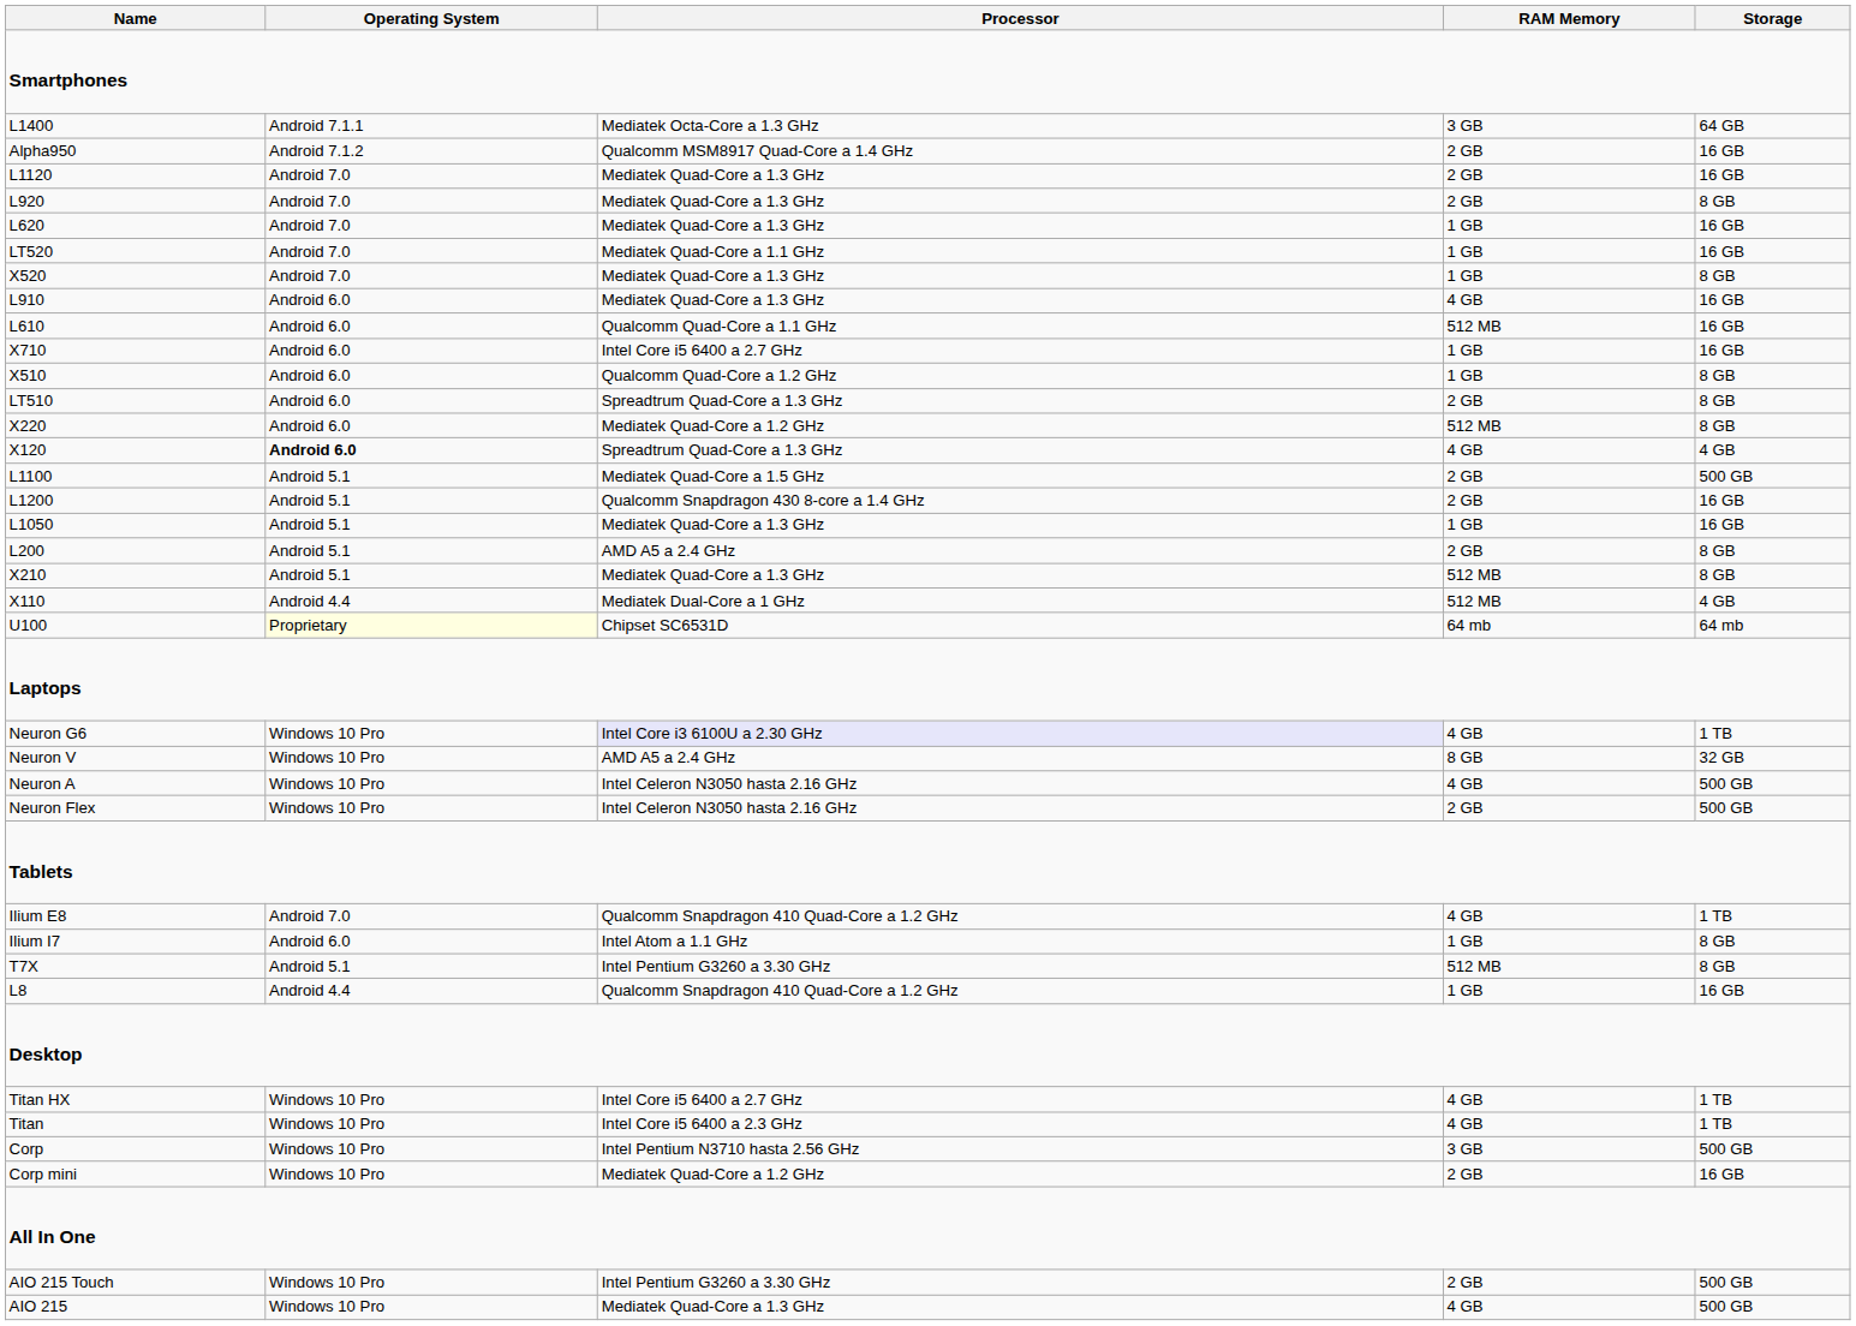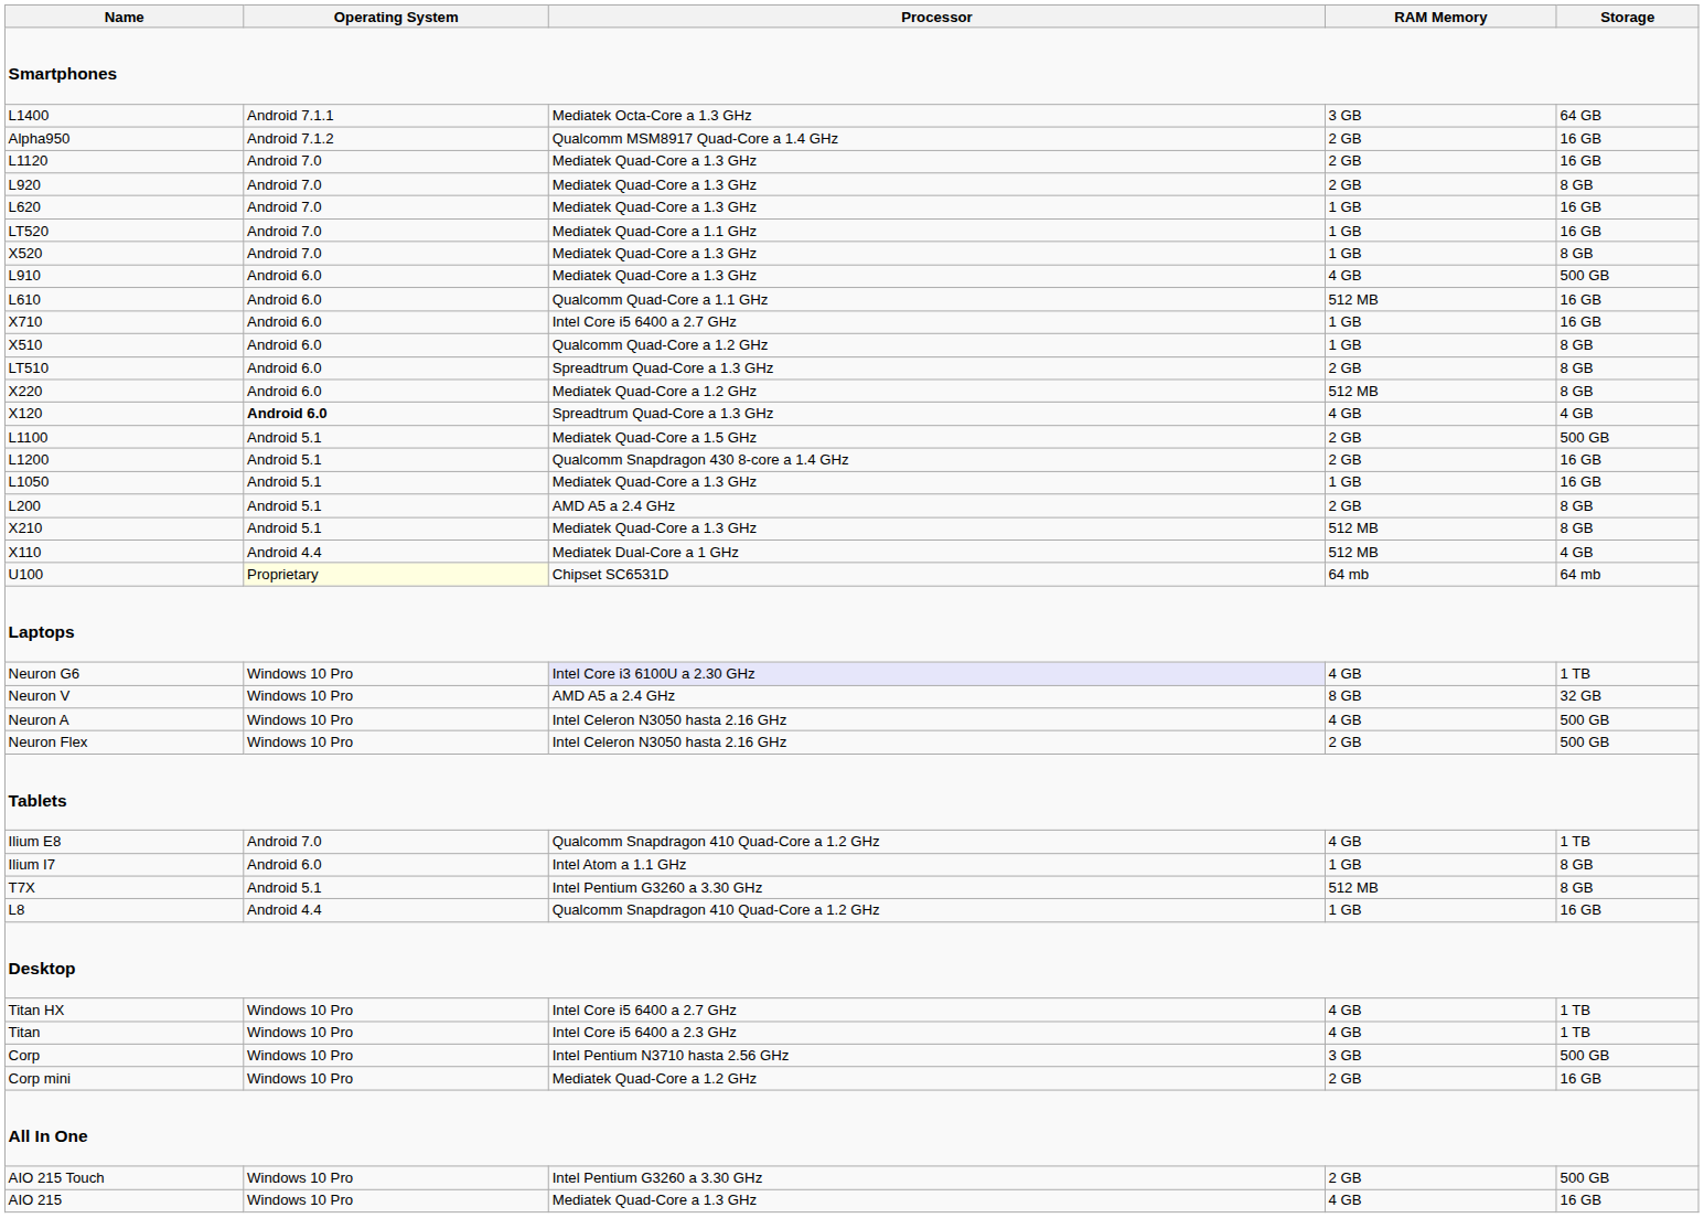 <table class="wikitable sortable" style="font-size: 85%;width:100%; margin:auto">
 <tr>
 <th>Name</th>
 <th>Operating System</th>
 <th>Processor</th>
 <th>RAM Memory</th>
 <th>Storage</th>
 </tr>
 <tr>
 <td colspan="5"><br><h3>Smartphones</h3></td>
 </tr>
 <tr>
 <td>L1400</td>
 <td>Android 7.1.1</td>
 <td>Mediatek Octa-Core a 1.3 GHz</td>
 <td>3 GB</td>
 <td>64 GB</td>
 </tr>
 <tr>
 <td>Alpha950</td>
 <td>Android 7.1.2</td>
 <td>Qualcomm MSM8917 Quad-Core a 1.4 GHz</td>
 <td>2 GB</td>
 <td>16 GB</td>
 </tr>
 <tr>
 <td>L1120</td>
 <td>Android 7.0</td>
 <td>Mediatek Quad-Core a 1.3 GHz</td>
 <td>2 GB</td>
 <td>16 GB</td>
 </tr>
 <tr>
 <td>L920</td>
 <td>Android 7.0</td>
 <td>Mediatek Quad-Core a 1.3 GHz</td>
 <td>2 GB</td>
 <td>8 GB</td>
 </tr>
 <tr>
 <td>L620</td>
 <td>Android 7.0</td>
 <td>Mediatek Quad-Core a 1.3 GHz</td>
 <td>1 GB</td>
 <td>16 GB</td>
 </tr>
 <tr>
 <td>LT520</td>
 <td>Android 7.0</td>
 <td>Mediatek Quad-Core a 1.1 GHz</td>
 <td>1 GB</td>
 <td>16 GB</td>
 </tr>
 <tr>
 <td>X520</td>
 <td>Android 7.0</td>
 <td>Mediatek Quad-Core a 1.3 GHz</td>
 <td>1 GB</td>
 <td>8 GB</td>
 </tr>
 <tr>
 <td>L910</td>
 <td>Android 6.0</td>
 <td>Mediatek Quad-Core a 1.3 GHz</td>
 <td>4 GB</td>
-<td>16 GB</td>
+<td>500 GB</td>
 </tr>
 <tr>
 <td>L610</td>
 <td>Android 6.0</td>
 <td>Qualcomm Quad-Core a 1.1 GHz</td>
 <td>512 MB</td>
 <td>16 GB</td>
 </tr>
 <tr>
 <td>X710</td>
 <td>Android 6.0</td>
 <td>Intel Core i5 6400 a 2.7 GHz</td>
 <td>1 GB</td>
 <td>16 GB</td>
 </tr>
 <tr>
 <td>X510</td>
 <td>Android 6.0</td>
 <td>Qualcomm Quad-Core a 1.2 GHz</td>
 <td>1 GB</td>
 <td>8 GB</td>
 </tr>
 <tr>
 <td>LT510</td>
 <td>Android 6.0</td>
 <td>Spreadtrum Quad-Core a 1.3 GHz</td>
 <td>2 GB</td>
 <td>8 GB</td>
 </tr>
 <tr>
 <td>X220</td>
 <td>Android 6.0</td>
 <td>Mediatek Quad-Core a 1.2 GHz</td>
 <td>512 MB</td>
 <td>8 GB</td>
 </tr>
 <tr>
 <td>X120</td>
 <td><strong>Android 6.0</strong></td>
 <td>Spreadtrum Quad-Core a 1.3 GHz</td>
 <td>4 GB</td>
 <td>4 GB</td>
 </tr>
 <tr>
 <td>L1100</td>
 <td>Android 5.1</td>
 <td>Mediatek Quad-Core a 1.5 GHz</td>
 <td>2 GB</td>
 <td>500 GB</td>
 </tr>
 <tr>
 <td>L1200</td>
 <td>Android 5.1</td>
 <td>Qualcomm Snapdragon 430 8-core a 1.4 GHz</td>
 <td>2 GB</td>
 <td>16 GB</td>
 </tr>
 <tr>
 <td>L1050</td>
 <td>Android 5.1</td>
 <td>Mediatek Quad-Core a 1.3 GHz</td>
 <td>1 GB</td>
 <td>16 GB</td>
 </tr>
 <tr>
 <td>L200</td>
 <td>Android 5.1</td>
 <td>AMD A5 a 2.4 GHz</td>
 <td>2 GB</td>
 <td>8 GB</td>
 </tr>
 <tr>
 <td>X210</td>
 <td>Android 5.1</td>
 <td>Mediatek Quad-Core a 1.3 GHz</td>
 <td>512 MB</td>
 <td>8 GB</td>
 </tr>
 <tr>
 <td>X110</td>
 <td>Android 4.4</td>
 <td>Mediatek Dual-Core a 1 GHz</td>
 <td>512 MB</td>
 <td>4 GB</td>
 </tr>
 <tr>
 <td>U100</td>
 <td style="background: lightyellow;">Proprietary</td>
 <td>Chipset SC6531D</td>
 <td>64 mb</td>
 <td>64 mb</td>
 </tr>
 <tr>
 <td colspan="5"><br><h3>Laptops</h3></td>
 </tr>
 <tr>
 <td>Neuron G6</td>
 <td>Windows 10 Pro</td>
 <td style="background: lavender;">Intel Core i3 6100U a 2.30 GHz</td>
 <td>4 GB</td>
 <td>1 TB</td>
 </tr>
 <tr>
 <td>Neuron V</td>
 <td>Windows 10 Pro</td>
 <td>AMD A5 a 2.4 GHz</td>
 <td>8 GB</td>
 <td>32 GB</td>
 </tr>
 <tr>
 <td>Neuron A</td>
 <td>Windows 10 Pro</td>
 <td>Intel Celeron N3050 hasta 2.16 GHz</td>
 <td>4 GB</td>
 <td>500 GB</td>
 </tr>
 <tr>
 <td>Neuron Flex</td>
 <td>Windows 10 Pro</td>
 <td>Intel Celeron N3050 hasta 2.16 GHz</td>
 <td>2 GB</td>
 <td>500 GB</td>
 </tr>
 <tr>
 <td colspan="5"><br><h3>Tablets</h3></td>
 </tr>
 <tr>
 <td>Ilium E8</td>
 <td>Android 7.0</td>
 <td>Qualcomm Snapdragon 410 Quad-Core a 1.2 GHz</td>
 <td>4 GB</td>
 <td>1 TB</td>
 </tr>
 <tr>
 <td>Ilium I7</td>
 <td>Android 6.0</td>
 <td>Intel Atom a 1.1 GHz</td>
 <td>1 GB</td>
 <td>8 GB</td>
 </tr>
 <tr>
 <td>T7X</td>
 <td>Android 5.1</td>
 <td>Intel Pentium G3260 a 3.30 GHz</td>
 <td>512 MB</td>
 <td>8 GB</td>
 </tr>
 <tr>
 <td>L8</td>
 <td>Android 4.4</td>
 <td>Qualcomm Snapdragon 410 Quad-Core a 1.2 GHz</td>
 <td>1 GB</td>
 <td>16 GB</td>
 </tr>
 <tr>
 <td colspan="5"><br><h3>Desktop</h3></td>
 </tr>
 <tr>
 <td>Titan HX</td>
 <td>Windows 10 Pro</td>
 <td>Intel Core i5 6400 a 2.7 GHz</td>
 <td>4 GB</td>
 <td>1 TB</td>
 </tr>
 <tr>
 <td>Titan</td>
 <td>Windows 10 Pro</td>
 <td>Intel Core i5 6400 a 2.3 GHz</td>
 <td>4 GB</td>
 <td>1 TB</td>
 </tr>
 <tr>
 <td>Corp</td>
 <td>Windows 10 Pro</td>
 <td>Intel Pentium N3710 hasta 2.56 GHz</td>
 <td>3 GB</td>
 <td>500 GB</td>
 </tr>
 <tr>
 <td>Corp mini</td>
 <td>Windows 10 Pro</td>
 <td>Mediatek Quad-Core a 1.2 GHz</td>
 <td>2 GB</td>
 <td>16 GB</td>
 </tr>
 <tr>
 <td colspan="5"><br><h3>All In One</h3></td>
 </tr>
 <tr>
 <td>AIO 215 Touch</td>
 <td>Windows 10 Pro</td>
 <td>Intel Pentium G3260 a 3.30 GHz</td>
 <td>2 GB</td>
 <td>500 GB</td>
 </tr>
 <tr>
 <td>AIO 215</td>
 <td>Windows 10 Pro</td>
 <td>Mediatek Quad-Core a 1.3 GHz</td>
 <td>4 GB</td>
-<td>500 GB</td>
+<td>16 GB</td>
 </tr>
 </table>
